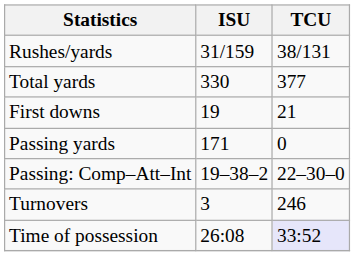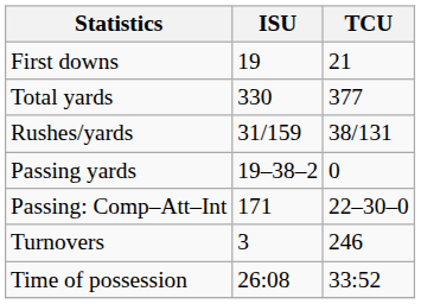 <table class="wikitable" style="float: left;">
 <tr>
 <th>Statistics</th>
 <th>ISU</th>
 <th>TCU</th>
 </tr>
 <tr>
-<td>Rushes/yards</td>
-<td>31/159</td>
-<td>38/131</td>
+<td>First downs</td>
+<td>19</td>
+<td>21</td>
 </tr>
 <tr>
 <td>Total yards</td>
 <td>330</td>
 <td>377</td>
 </tr>
 <tr>
-<td>First downs</td>
-<td>19</td>
-<td>21</td>
+<td>Rushes/yards</td>
+<td>31/159</td>
+<td>38/131</td>
 </tr>
 <tr>
 <td>Passing yards</td>
-<td>171</td>
+<td>19–38–2</td>
 <td>0</td>
 </tr>
 <tr>
 <td>Passing: Comp–Att–Int</td>
-<td>19–38–2</td>
+<td>171</td>
 <td>22–30–0</td>
 </tr>
 <tr>
 <td>Turnovers</td>
 <td>3</td>
 <td>246</td>
 </tr>
 <tr>
 <td>Time of possession</td>
 <td>26:08</td>
-<td style="background: lavender;">33:52</td>
+<td>33:52</td>
 </tr>
 <tr>
 </tr>
 </table>
